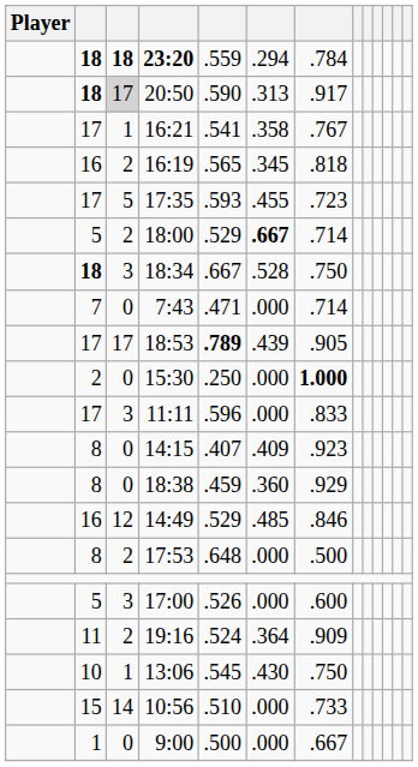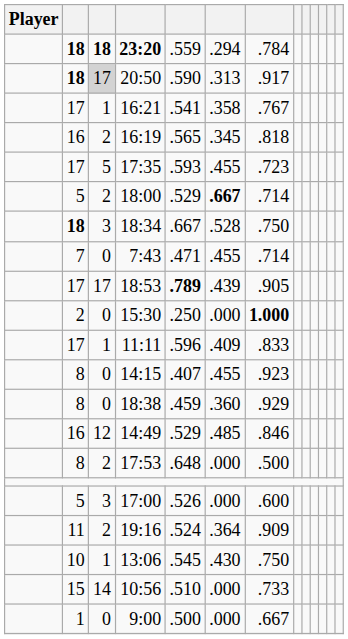 <table class="wikitable sortable" style="font-size:95%; text-align:right;">
 <tr>
 <th>Player</th>
 <th></th>
 <th></th>
 <th></th>
 <th></th>
 <th></th>
 <th></th>
 <th></th>
 <th></th>
 <th></th>
 <th></th>
 <th></th>
 <th></th>
 </tr>
 <tr>
 <td><strong></strong></td>
 <td><strong>18</strong></td>
 <td><strong>18</strong></td>
 <td><strong>23:20</strong></td>
 <td>.559</td>
 <td>.294</td>
 <td>.784</td>
 <td></td>
 <td></td>
 <td></td>
 <td></td>
 <td><strong></strong></td>
 <td></td>
 </tr>
 <tr>
 <td><strong></strong></td>
 <td><strong>18</strong></td>
 <td style="background: lightgrey;">17</td>
 <td>20:50</td>
 <td>.590</td>
 <td>.313</td>
 <td>.917</td>
 <td></td>
 <td><strong></strong></td>
 <td><strong></strong></td>
 <td></td>
 <td></td>
 <td><strong></strong></td>
 </tr>
 <tr>
 <td><strong></strong></td>
 <td>17</td>
 <td>1</td>
 <td>16:21</td>
 <td>.541</td>
 <td>.358</td>
 <td>.767</td>
 <td></td>
 <td></td>
 <td></td>
 <td></td>
 <td></td>
 <td></td>
 </tr>
 <tr>
 <td><strong></strong></td>
 <td>16</td>
 <td>2</td>
 <td>16:19</td>
 <td>.565</td>
 <td>.345</td>
 <td>.818</td>
 <td></td>
 <td></td>
 <td></td>
 <td></td>
 <td></td>
 <td></td>
 </tr>
 <tr>
 <td><strong></strong></td>
 <td>17</td>
 <td>5</td>
 <td>17:35</td>
 <td>.593</td>
 <td>.455</td>
 <td>.723</td>
 <td></td>
 <td></td>
 <td></td>
 <td></td>
 <td></td>
 <td></td>
 </tr>
 <tr>
 <td><strong></strong></td>
 <td>5</td>
 <td>2</td>
 <td>18:00</td>
 <td>.529</td>
 <td><strong>.667</strong></td>
 <td>.714</td>
 <td><strong></strong></td>
 <td></td>
 <td></td>
 <td></td>
 <td></td>
 <td></td>
 </tr>
 <tr>
 <td><strong></strong></td>
 <td><strong>18</strong></td>
 <td>3</td>
 <td>18:34</td>
 <td>.667</td>
 <td>.528</td>
 <td>.750</td>
 <td></td>
 <td></td>
 <td></td>
 <td></td>
 <td></td>
 <td></td>
 </tr>
 <tr>
 <td><strong></strong></td>
 <td>7</td>
 <td>0</td>
 <td>7:43</td>
 <td>.471</td>
-<td>.000</td>
+<td>.455</td>
 <td>.714</td>
 <td></td>
 <td></td>
 <td></td>
 <td></td>
 <td></td>
 <td></td>
 </tr>
 <tr>
 <td><strong></strong></td>
 <td>17</td>
 <td>17</td>
 <td>18:53</td>
 <td><strong>.789</strong></td>
 <td>.439</td>
 <td>.905</td>
 <td></td>
 <td></td>
 <td></td>
 <td></td>
 <td></td>
 <td></td>
 </tr>
 <tr>
 <td><strong></strong></td>
 <td>2</td>
 <td>0</td>
 <td>15:30</td>
 <td>.250</td>
 <td>.000</td>
 <td><strong>1.000</strong></td>
 <td></td>
 <td></td>
 <td></td>
 <td></td>
 <td></td>
 <td></td>
 </tr>
 <tr>
 <td><strong></strong></td>
 <td>17</td>
-<td>3</td>
+<td>1</td>
 <td>11:11</td>
 <td>.596</td>
-<td>.000</td>
+<td>.409</td>
 <td>.833</td>
 <td></td>
 <td></td>
 <td></td>
 <td><strong></strong></td>
 <td></td>
 <td></td>
 </tr>
 <tr>
 <td><strong></strong></td>
 <td>8</td>
 <td>0</td>
 <td>14:15</td>
 <td>.407</td>
-<td>.409</td>
+<td>.455</td>
 <td>.923</td>
 <td></td>
 <td></td>
 <td></td>
 <td></td>
 <td></td>
 <td></td>
 </tr>
 <tr>
 <td><strong></strong></td>
 <td>8</td>
 <td>0</td>
 <td>18:38</td>
 <td>.459</td>
 <td>.360</td>
 <td>.929</td>
 <td></td>
 <td></td>
 <td></td>
 <td></td>
 <td></td>
 <td></td>
 </tr>
 <tr>
 <td><strong></strong></td>
 <td>16</td>
 <td>12</td>
 <td>14:49</td>
 <td>.529</td>
 <td>.485</td>
 <td>.846</td>
 <td></td>
 <td></td>
 <td></td>
 <td></td>
 <td></td>
 <td></td>
 </tr>
 <tr>
 <td><strong></strong></td>
 <td>8</td>
 <td>2</td>
 <td>17:53</td>
 <td>.648</td>
 <td>.000</td>
 <td>.500</td>
 <td></td>
 <td></td>
 <td></td>
 <td></td>
 <td></td>
 <td></td>
 </tr>
 <tr class="sortbottom">
 <td colspan=13></td>
 </tr>
 <tr>
 <td><em></em></td>
 <td>5</td>
 <td>3</td>
 <td>17:00</td>
 <td>.526</td>
 <td>.000</td>
 <td>.600</td>
 <td></td>
 <td></td>
 <td></td>
 <td></td>
 <td></td>
 <td></td>
 </tr>
 <tr>
 <td><em></em></td>
 <td>11</td>
 <td>2</td>
 <td>19:16</td>
 <td>.524</td>
 <td>.364</td>
 <td>.909</td>
 <td></td>
 <td></td>
 <td></td>
 <td></td>
 <td></td>
 <td></td>
 </tr>
 <tr>
 <td><em></em></td>
 <td>10</td>
 <td>1</td>
 <td>13:06</td>
 <td>.545</td>
 <td>.430</td>
 <td>.750</td>
 <td></td>
 <td></td>
 <td></td>
 <td></td>
 <td></td>
 <td></td>
 </tr>
 <tr>
 <td><em></em></td>
 <td>15</td>
 <td>14</td>
 <td>10:56</td>
 <td>.510</td>
 <td>.000</td>
 <td>.733</td>
 <td></td>
 <td></td>
 <td></td>
 <td></td>
 <td></td>
 <td></td>
 </tr>
 <tr>
 <td><em></em></td>
 <td>1</td>
 <td>0</td>
 <td>9:00</td>
 <td>.500</td>
 <td>.000</td>
 <td>.667</td>
 <td></td>
 <td></td>
 <td></td>
 <td></td>
 <td></td>
 <td></td>
 </tr>
 <tr>
 </tr>
 </table>
